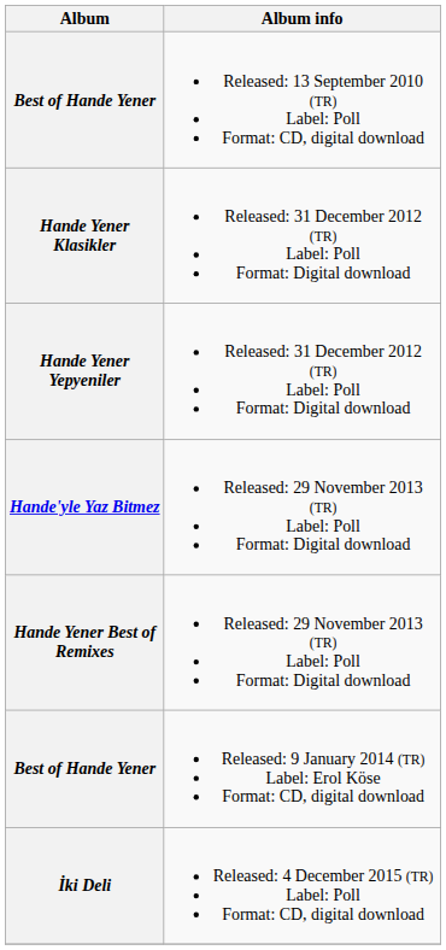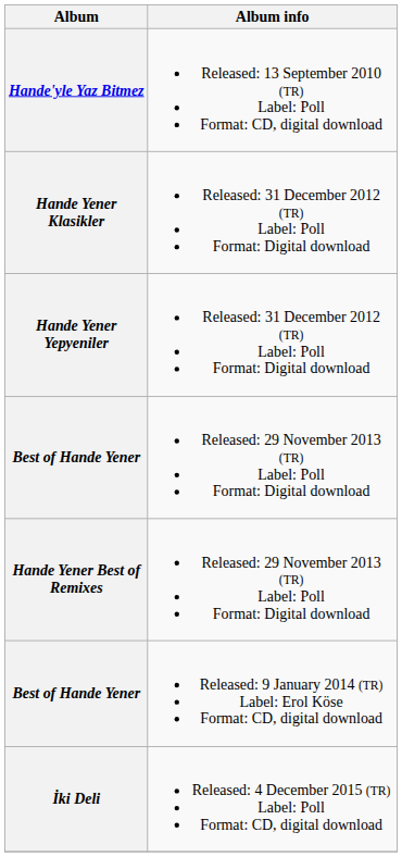 <table class="wikitable plainrowheaders" style="text-align:center;" border="1">
 <tr>
 <th scope="col" style="width:9em;">Album</th>
 <th scope="col" style="width:16em;">Album info</th>
 </tr>
 <tr>
-<th scope="row"><em>Best of Hande Yener</em></th>
+<th scope="row"><em><a href='#'>Hande'yle Yaz Bitmez</a></em></th>
 <td><br><ul><li>Released: 13 September 2010 <small>(TR)</small></li><li>Label: Poll</li><li>Format: CD, digital download</li></ul></td>
 </tr>
 <tr>
 <th scope="row"><em>Hande Yener Klasikler</em></th>
 <td><br><ul><li>Released: 31 December 2012 <small>(TR)</small></li><li>Label: Poll</li><li>Format: Digital download</li></ul></td>
 </tr>
 <tr>
 <th scope="row"><em>Hande Yener Yepyeniler</em></th>
 <td><br><ul><li>Released: 31 December 2012 <small>(TR)</small></li><li>Label: Poll</li><li>Format: Digital download</li></ul></td>
 </tr>
 <tr>
-<th scope="row"><em><a href='#'>Hande'yle Yaz Bitmez</a></em></th>
+<th scope="row"><em>Best of Hande Yener</em></th>
 <td><br><ul><li>Released: 29 November 2013 <small>(TR)</small></li><li>Label: Poll</li><li>Format: Digital download</li></ul></td>
 </tr>
 <tr>
 <th scope="row"><em>Hande Yener Best of Remixes</em></th>
 <td><br><ul><li>Released: 29 November 2013 <small>(TR)</small></li><li>Label: Poll</li><li>Format: Digital download</li></ul></td>
 </tr>
 <tr>
 <th scope="row"><em>Best of Hande Yener</em></th>
 <td><br><ul><li>Released: 9 January 2014 <small>(TR)</small></li><li>Label: Erol Köse</li><li>Format: CD, digital download</li></ul></td>
 </tr>
 <tr>
 <th scope="row"><em>İki Deli</em></th>
 <td><br><ul><li>Released: 4 December 2015 <small>(TR)</small></li><li>Label: Poll</li><li>Format: CD, digital download</li></ul></td>
 </tr>
 <tr>
 </tr>
 </table>
